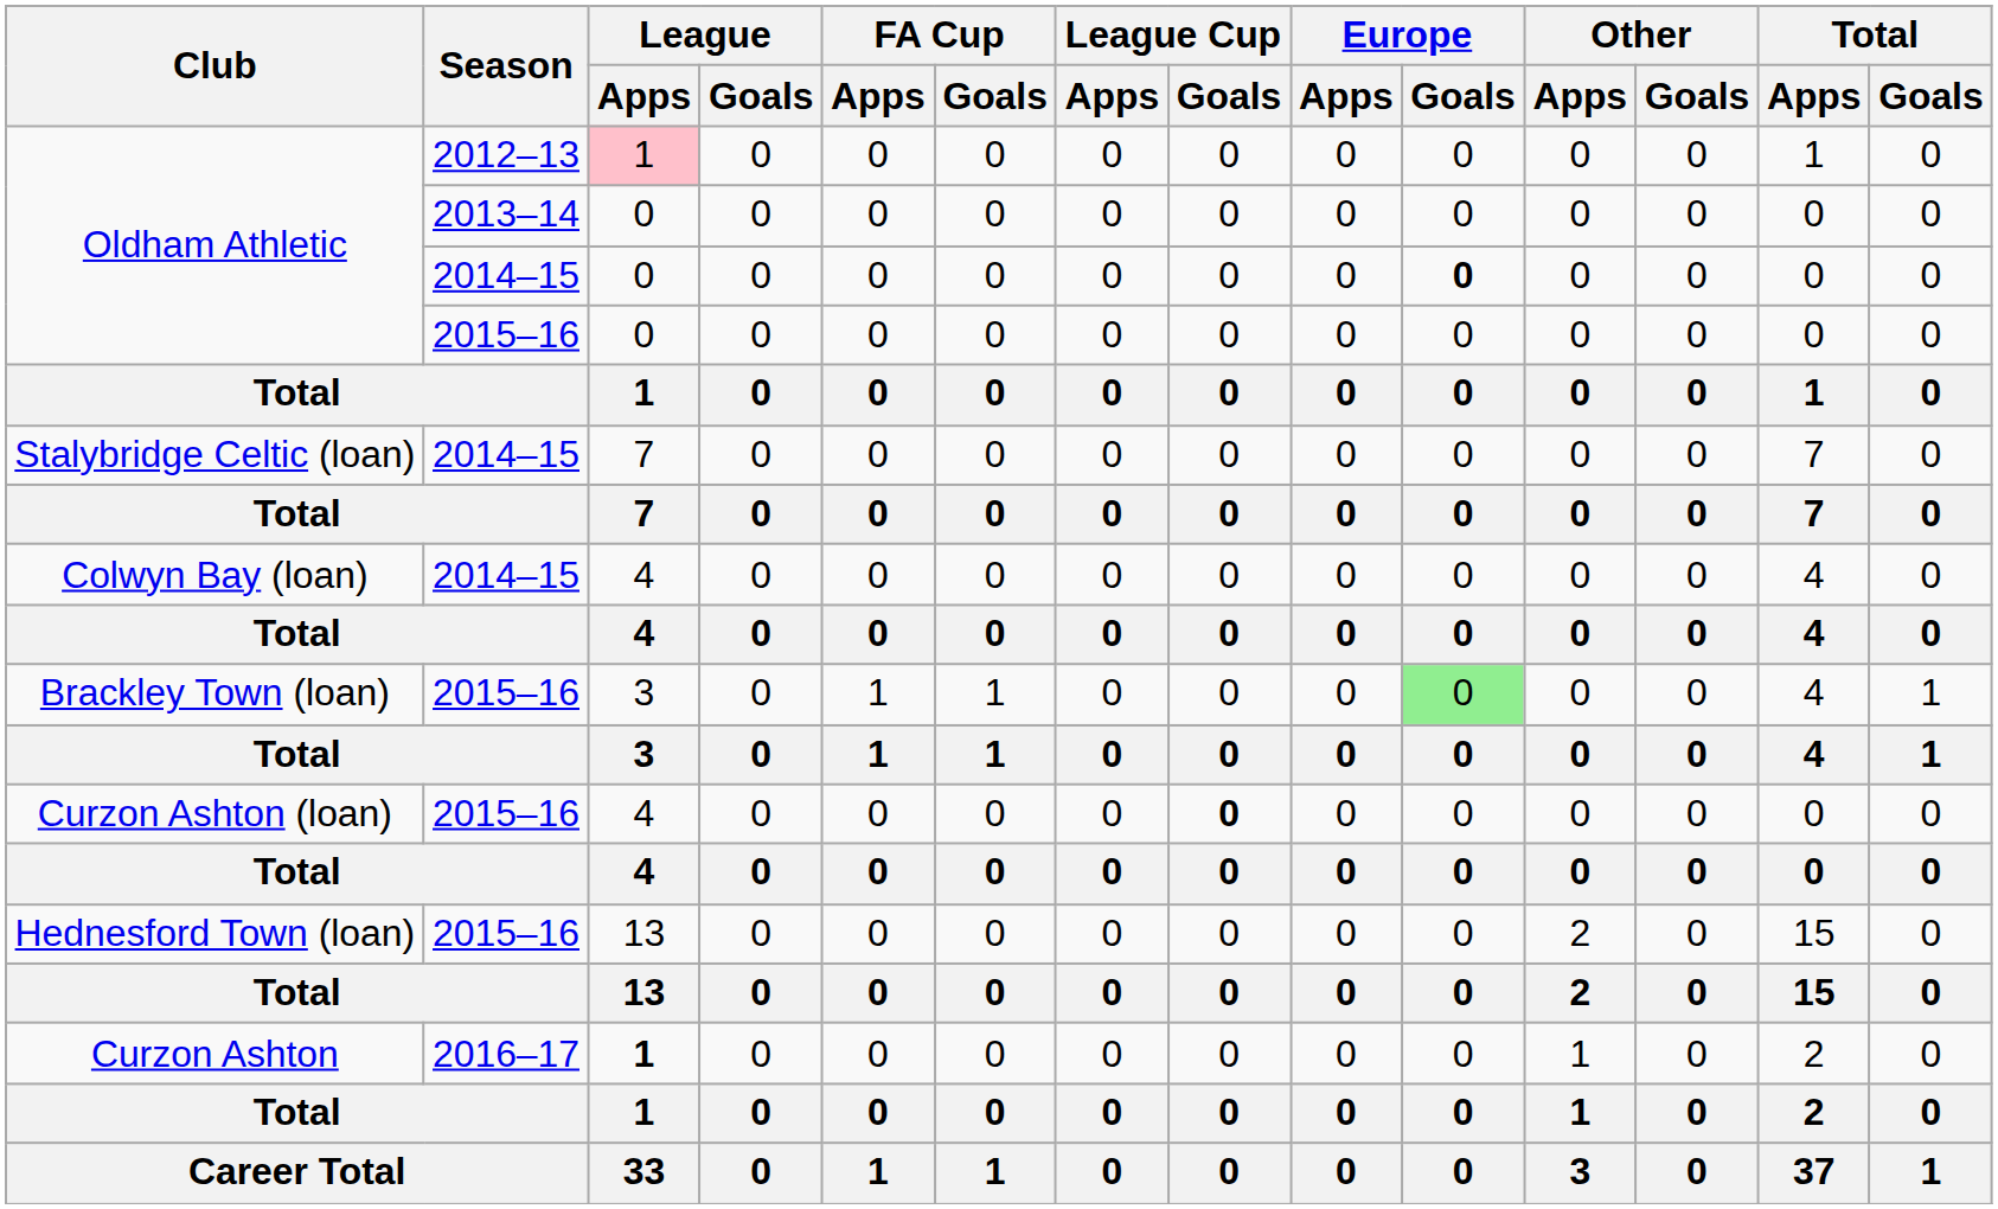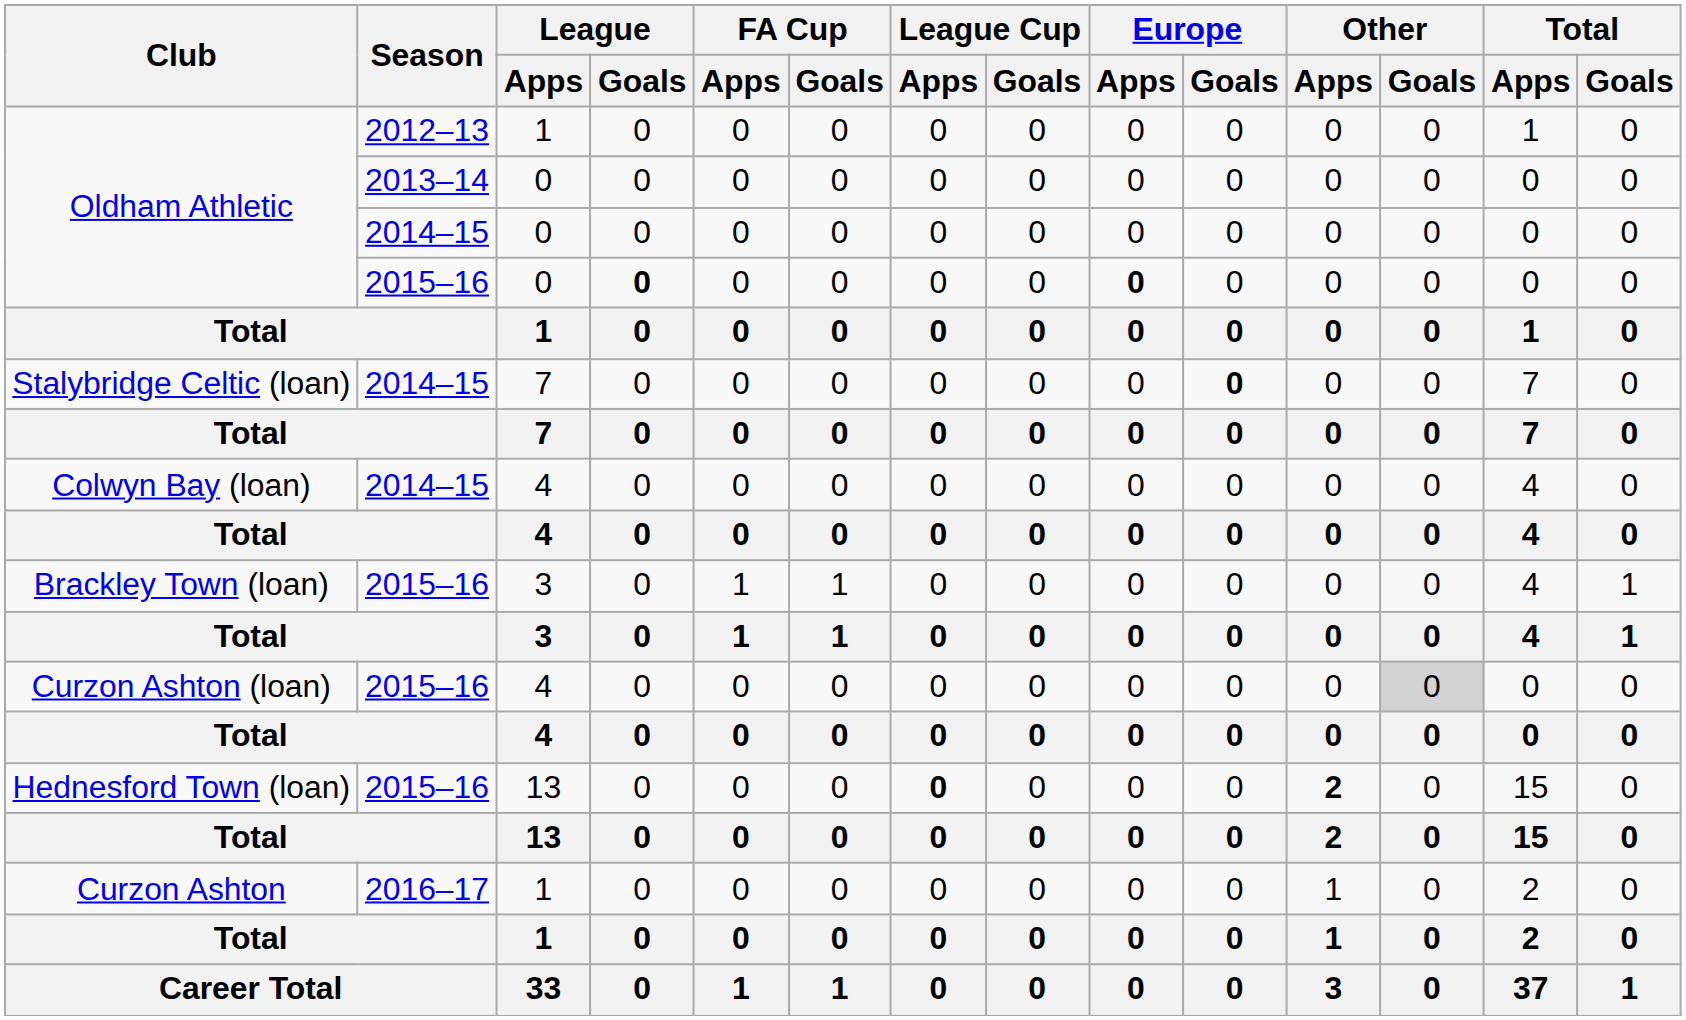 <table class="wikitable" style="text-align:center">
 <tr>
 <th rowspan="2">Club</th>
 <th rowspan="2">Season</th>
 <th colspan="2">League</th>
 <th colspan="2">FA Cup</th>
 <th colspan="2">League Cup</th>
 <th colspan="2"><a href='#'>Europe</a></th>
 <th colspan="2">Other</th>
 <th colspan="2">Total</th>
 </tr>
 <tr>
 <th>Apps</th>
 <th>Goals</th>
 <th>Apps</th>
 <th>Goals</th>
 <th>Apps</th>
 <th>Goals</th>
 <th>Apps</th>
 <th>Goals</th>
 <th>Apps</th>
 <th>Goals</th>
 <th>Apps</th>
 <th>Goals</th>
 </tr>
 <tr>
 <td rowspan="4"><a href='#'>Oldham Athletic</a></td>
 <td><a href='#'>2012–13</a></td>
-<td style="background: pink;">1</td>
+<td>1</td>
 <td>0</td>
 <td>0</td>
 <td>0</td>
 <td>0</td>
 <td>0</td>
 <td>0</td>
 <td>0</td>
 <td>0</td>
 <td>0</td>
 <td>1</td>
 <td>0</td>
 </tr>
 <tr>
 <td><a href='#'>2013–14</a></td>
 <td>0</td>
 <td>0</td>
 <td>0</td>
 <td>0</td>
 <td>0</td>
 <td>0</td>
 <td>0</td>
 <td>0</td>
 <td>0</td>
 <td>0</td>
 <td>0</td>
 <td>0</td>
 </tr>
 <tr>
 <td><a href='#'>2014–15</a></td>
 <td>0</td>
 <td>0</td>
 <td>0</td>
 <td>0</td>
 <td>0</td>
 <td>0</td>
 <td>0</td>
-<td><strong>0</strong></td>
+<td>0</td>
 <td>0</td>
 <td>0</td>
 <td>0</td>
 <td>0</td>
 </tr>
 <tr>
 <td><a href='#'>2015–16</a></td>
 <td>0</td>
+<td><strong>0</strong></td>
 <td>0</td>
 <td>0</td>
 <td>0</td>
 <td>0</td>
-<td>0</td>
-<td>0</td>
+<td><strong>0</strong></td>
 <td>0</td>
 <td>0</td>
 <td>0</td>
 <td>0</td>
 <td>0</td>
 </tr>
 <tr>
 <th colspan="2">Total</th>
 <th>1</th>
 <th>0</th>
 <th>0</th>
 <th>0</th>
 <th>0</th>
 <th>0</th>
 <th>0</th>
 <th>0</th>
 <th>0</th>
 <th>0</th>
 <th>1</th>
 <th>0</th>
 </tr>
 <tr>
 <td><a href='#'>Stalybridge Celtic</a> (loan)</td>
 <td><a href='#'>2014–15</a></td>
 <td>7</td>
 <td>0</td>
 <td>0</td>
 <td>0</td>
 <td>0</td>
 <td>0</td>
 <td>0</td>
-<td>0</td>
+<td><strong>0</strong></td>
 <td>0</td>
 <td>0</td>
 <td>7</td>
 <td>0</td>
 </tr>
 <tr>
 <th colspan="2">Total</th>
 <th>7</th>
 <th>0</th>
 <th>0</th>
 <th>0</th>
 <th>0</th>
 <th>0</th>
 <th>0</th>
 <th>0</th>
 <th>0</th>
 <th>0</th>
 <th>7</th>
 <th>0</th>
 </tr>
 <tr>
 <td><a href='#'>Colwyn Bay</a> (loan)</td>
 <td><a href='#'>2014–15</a></td>
 <td>4</td>
 <td>0</td>
 <td>0</td>
 <td>0</td>
 <td>0</td>
 <td>0</td>
 <td>0</td>
 <td>0</td>
 <td>0</td>
 <td>0</td>
 <td>4</td>
 <td>0</td>
 </tr>
 <tr>
 <th colspan="2">Total</th>
 <th>4</th>
 <th>0</th>
 <th>0</th>
 <th>0</th>
 <th>0</th>
 <th>0</th>
 <th>0</th>
 <th>0</th>
 <th>0</th>
 <th>0</th>
 <th>4</th>
 <th>0</th>
 </tr>
 <tr>
 <td><a href='#'>Brackley Town</a> (loan)</td>
 <td><a href='#'>2015–16</a></td>
 <td>3</td>
 <td>0</td>
 <td>1</td>
 <td>1</td>
 <td>0</td>
 <td>0</td>
 <td>0</td>
-<td style="background: lightgreen;">0</td>
+<td>0</td>
 <td>0</td>
 <td>0</td>
 <td>4</td>
 <td>1</td>
 </tr>
 <tr>
 <th colspan="2">Total</th>
 <th>3</th>
 <th>0</th>
 <th>1</th>
 <th>1</th>
 <th>0</th>
 <th>0</th>
 <th>0</th>
 <th>0</th>
 <th>0</th>
 <th>0</th>
 <th>4</th>
 <th>1</th>
 </tr>
 <tr>
 <td><a href='#'>Curzon Ashton</a> (loan)</td>
 <td><a href='#'>2015–16</a></td>
 <td>4</td>
 <td>0</td>
 <td>0</td>
 <td>0</td>
 <td>0</td>
-<td><strong>0</strong></td>
 <td>0</td>
 <td>0</td>
 <td>0</td>
 <td>0</td>
+<td style="background: lightgrey;">0</td>
 <td>0</td>
 <td>0</td>
 </tr>
 <tr>
 <th colspan="2">Total</th>
 <th>4</th>
 <th>0</th>
 <th>0</th>
 <th>0</th>
 <th>0</th>
 <th>0</th>
 <th>0</th>
 <th>0</th>
 <th>0</th>
 <th>0</th>
 <th>0</th>
 <th>0</th>
 </tr>
 <tr>
 <td><a href='#'>Hednesford Town</a> (loan)</td>
 <td><a href='#'>2015–16</a></td>
 <td>13</td>
 <td>0</td>
 <td>0</td>
 <td>0</td>
+<td><strong>0</strong></td>
 <td>0</td>
 <td>0</td>
 <td>0</td>
-<td>0</td>
-<td>2</td>
+<td><strong>2</strong></td>
 <td>0</td>
 <td>15</td>
 <td>0</td>
 </tr>
 <tr>
 <th colspan="2">Total</th>
 <th>13</th>
 <th>0</th>
 <th>0</th>
 <th>0</th>
 <th>0</th>
 <th>0</th>
 <th>0</th>
 <th>0</th>
 <th>2</th>
 <th>0</th>
 <th>15</th>
 <th>0</th>
 </tr>
 <tr>
 <td><a href='#'>Curzon Ashton</a></td>
 <td><a href='#'>2016–17</a></td>
-<td><strong>1</strong></td>
+<td>1</td>
 <td>0</td>
 <td>0</td>
 <td>0</td>
 <td>0</td>
 <td>0</td>
 <td>0</td>
 <td>0</td>
 <td>1</td>
 <td>0</td>
 <td>2</td>
 <td>0</td>
 </tr>
 <tr>
 <th colspan="2">Total</th>
 <th>1</th>
 <th>0</th>
 <th>0</th>
 <th>0</th>
 <th>0</th>
 <th>0</th>
 <th>0</th>
 <th>0</th>
 <th>1</th>
 <th>0</th>
 <th>2</th>
 <th>0</th>
 </tr>
 <tr>
 <th colspan="2">Career Total</th>
 <th>33</th>
 <th>0</th>
 <th>1</th>
 <th>1</th>
 <th>0</th>
 <th>0</th>
 <th>0</th>
 <th>0</th>
 <th>3</th>
 <th>0</th>
 <th>37</th>
 <th>1</th>
 </tr>
 <tr>
 </tr>
 </table>
